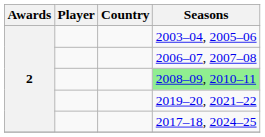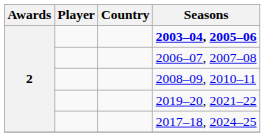 <table class="wikitable">
 <tr>
 <th>Awards</th>
 <th>Player</th>
 <th>Country</th>
 <th>Seasons</th>
 </tr>
 <tr>
 <th scope="row" rowspan="5">2</th>
 <td></td>
 <td></td>
-<td><a href='#'>2003–04</a>, <a href='#'>2005–06</a></td>
+<td><strong><a href='#'>2003–04</a>, <a href='#'>2005–06</a></strong></td>
 </tr>
 <tr>
 <td></td>
 <td></td>
 <td><a href='#'>2006–07</a>, <a href='#'>2007–08</a></td>
 </tr>
 <tr>
 <td></td>
 <td></td>
-<td style="background: lightgreen;"><a href='#'>2008–09</a>, <a href='#'>2010–11</a></td>
+<td><a href='#'>2008–09</a>, <a href='#'>2010–11</a></td>
 </tr>
 <tr>
 <td><strong></strong></td>
 <td></td>
 <td><a href='#'>2019–20</a>, <a href='#'>2021–22</a></td>
 </tr>
 <tr>
 <td><strong></strong></td>
 <td></td>
 <td><a href='#'>2017–18</a>, <a href='#'>2024–25</a></td>
 </tr>
 <tr>
 </tr>
 </table>
